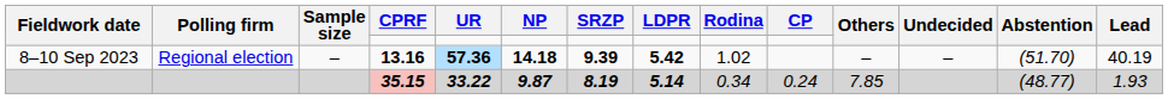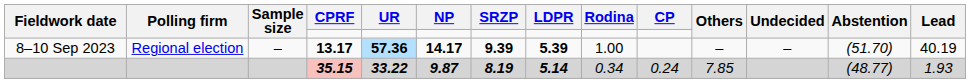 <table class=wikitable style="font-size:95%; line-height:14px; text-align:center">
 <tr>
 <th style=width:120px; rowspan=2>Fieldwork date</th>
 <th style=width:120px; rowspan=2>Polling firm</th>
 <th style=width:50px; rowspan=2>Sample<br>size</th>
 <th style="width:50px;"><a href='#'>CPRF</a></th>
 <th style="width:50px;"><a href='#'>UR</a></th>
 <th style="width:50px;"><a href='#'>NP</a></th>
 <th style="width:50px;"><a href='#'>SRZP</a></th>
 <th style="width:50px;"><a href='#'>LDPR</a></th>
 <th style="width:50px;"><a href='#'>Rodina</a></th>
 <th style="width:50px;"><a href='#'>CP</a></th>
 <th style="width:50px;" rowspan=2>Others</th>
 <th style="width:50px;" rowspan=2>Undecided</th>
 <th style="width:50px;" rowspan=2>Abstention</th>
 <th style="width:50px;" rowspan="2">Lead</th>
 </tr>
 <tr>
 <td bgcolor=></td>
 <td bgcolor=></td>
 <td bgcolor=></td>
 <td bgcolor=></td>
 <td bgcolor=></td>
 <td bgcolor=></td>
 <td bgcolor=></td>
 </tr>
 <tr>
 <td>8–10 Sep 2023</td>
 <td><a href='#'>Regional election</a></td>
 <td>–</td>
-<td><strong>13.16</strong></td>
+<td><strong>13.17</strong></td>
 <td style="background:#B3E0FF"><strong>57.36</strong></td>
-<td><strong>14.18</strong></td>
+<td><strong>14.17</strong></td>
 <td><strong>9.39</strong></td>
-<td><strong>5.42</strong></td>
-<td>1.02</td>
+<td><strong>5.39</strong></td>
+<td>1.00</td>
 <td></td>
 <td>–</td>
 <td>–</td>
 <td><em>(51.70)</em></td>
 <td style="background:">40.19</td>
 </tr>
 <tr style="background:#D5D5D5">
 <td></td>
 <td></td>
 <td></td>
 <td style="background:#F8C1BE"><strong><em>35.15</em></strong></td>
 <td><strong><em>33.22</em></strong></td>
 <td><strong><em>9.87</em></strong></td>
 <td><strong><em>8.19</em></strong></td>
 <td><strong><em>5.14</em></strong></td>
 <td><em>0.34</em></td>
 <td><em>0.24</em></td>
 <td><em>7.85</em></td>
 <td></td>
 <td><em>(48.77)</em></td>
 <td style="background:"><em>1.93</em></td>
 </tr>
 </table>
